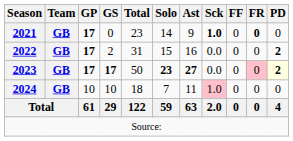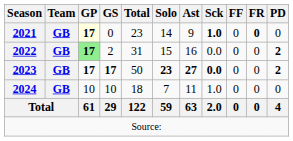 <table class=wikitable style="text-align:center;">
 <tr>
 <th>Season</th>
 <th>Team</th>
 <th>GP</th>
 <th>GS</th>
 <th>Total</th>
 <th>Solo</th>
 <th>Ast</th>
 <th>Sck</th>
 <th>FF</th>
 <th>FR</th>
 <th>PD</th>
 </tr>
 <tr>
 <th><a href='#'>2021</a></th>
 <th><a href='#'>GB</a></th>
-<td><strong>17</strong></td>
+<td style="background: lightyellow;"><strong>17</strong></td>
 <td>0</td>
 <td>23</td>
 <td>14</td>
 <td>9</td>
 <td><strong>1.0</strong></td>
 <td>0</td>
 <td><strong>0</strong></td>
 <td>0</td>
 </tr>
 <tr>
 <th><a href='#'>2022</a></th>
 <th><a href='#'>GB</a></th>
-<td><strong>17</strong></td>
+<td style="background: lightgreen;"><strong>17</strong></td>
 <td>2</td>
 <td>31</td>
 <td>15</td>
 <td>16</td>
 <td>0.0</td>
 <td>0</td>
 <td>0</td>
 <td><strong>2</strong></td>
 </tr>
 <tr>
 <th><a href='#'>2023</a></th>
 <th><a href='#'>GB</a></th>
 <td><strong>17</strong></td>
 <td><strong>17</strong></td>
 <td>50</td>
 <td><strong>23</strong></td>
 <td><strong>27</strong></td>
-<td>0.0</td>
+<td><strong>0.0</strong></td>
 <td>0</td>
-<td style="background: pink;">0</td>
-<td style="background: lightyellow;"><strong>2</strong></td>
+<td>0</td>
+<td><strong>2</strong></td>
 </tr>
 <tr>
 <th><a href='#'>2024</a></th>
 <th><a href='#'>GB</a></th>
 <td>10</td>
 <td>10</td>
 <td>18</td>
 <td>7</td>
 <td>11</td>
-<td style="background: pink;">1.0</td>
+<td>1.0</td>
 <td>0</td>
 <td>0</td>
 <td>0</td>
 </tr>
 <tr>
 <th colspan="2">Total</th>
 <th>61</th>
 <th>29</th>
 <th>122</th>
 <th>59</th>
 <th>63</th>
 <th>2.0</th>
 <th>0</th>
 <th>0</th>
 <th>4</th>
 </tr>
 <tr>
 <td colspan="11"><small>Source: </small></td>
 </tr>
 </table>
